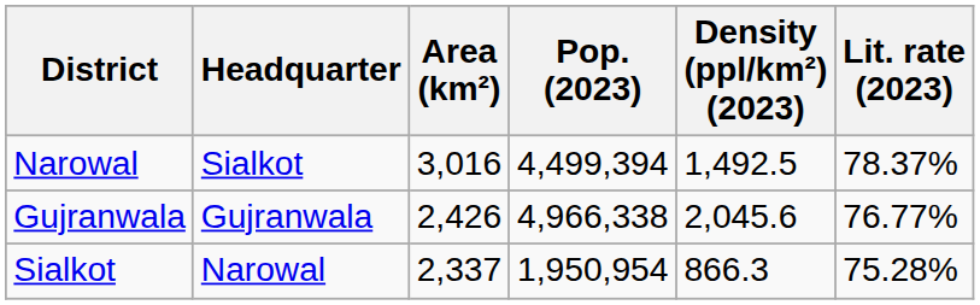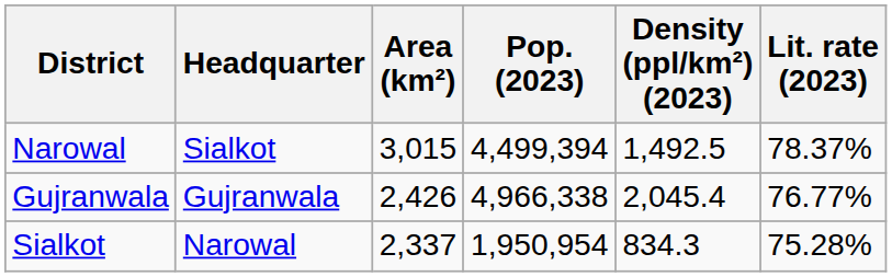 <table class="wikitable sortable static-row-numbers static-row-header-hash">
 <tr>
 <th>District</th>
 <th>Headquarter</th>
 <th>Area<br>(km²)</th>
 <th>Pop.<br>(2023)</th>
 <th>Density<br>(ppl/km²)<br>(2023)</th>
 <th>Lit. rate<br>(2023)</th>
 </tr>
 <tr>
 <td><a href='#'>Narowal</a></td>
 <td><a href='#'>Sialkot</a></td>
-<td>3,016</td>
+<td>3,015</td>
 <td>4,499,394</td>
 <td>1,492.5</td>
 <td>78.37%</td>
 </tr>
 <tr>
 <td><a href='#'>Gujranwala</a></td>
 <td><a href='#'>Gujranwala</a></td>
 <td>2,426</td>
 <td>4,966,338</td>
-<td>2,045.6</td>
+<td>2,045.4</td>
 <td>76.77%</td>
 </tr>
 <tr>
 <td><a href='#'>Sialkot</a></td>
 <td><a href='#'>Narowal</a></td>
 <td>2,337</td>
 <td>1,950,954</td>
-<td>866.3</td>
+<td>834.3</td>
 <td>75.28%</td>
 </tr>
 </table>
